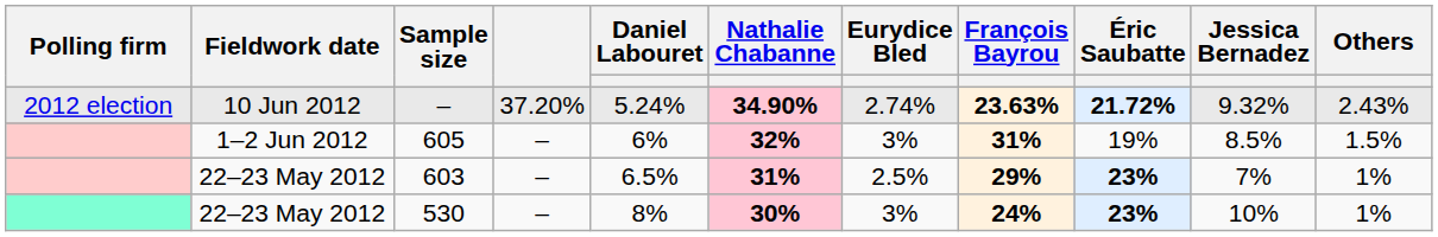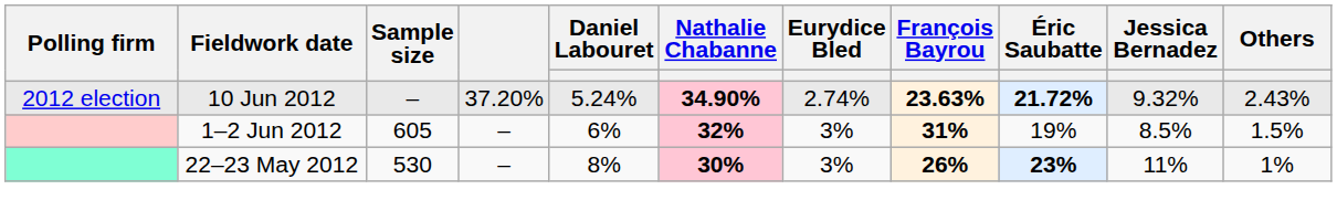 <table class="wikitable sortable" style="text-align:center;font-size:90%;line-height:14px;">
 <tr style="height:40px;">
 <th style="width:100px;" rowspan="2">Polling firm</th>
 <th style="width:110px;" rowspan="2">Fieldwork date</th>
 <th style="width:35px;" rowspan="2">Sample<br>size</th>
 <th style="width:30px;" rowspan="2"></th>
 <th class="unsortable" style="width:60px;">Daniel Labouret<br></th>
 <th class="unsortable" style="width:60px;"><a href='#'>Nathalie Chabanne</a><br></th>
 <th class="unsortable" style="width:60px;">Eurydice Bled<br></th>
 <th class="unsortable" style="width:60px;"><a href='#'>François Bayrou</a><br></th>
 <th class="unsortable" style="width:60px;">Éric Saubatte<br></th>
 <th class="unsortable" style="width:60px;">Jessica Bernadez<br></th>
 <th class="unsortable" style="width:60px;">Others</th>
 </tr>
 <tr>
 <th style="background:"></th>
 <th style="background:"></th>
 <th style="background:"></th>
 <th style="background:"></th>
 <th style="background:"></th>
 <th style="background:"></th>
 <th style="background:"></th>
 </tr>
 <tr style="background:#E9E9E9;">
 <td><a href='#'>2012 election</a></td>
 <td data-sort-value="2012-06-10">10 Jun 2012</td>
 <td>–</td>
 <td>37.20%</td>
 <td>5.24%</td>
 <td style="background:#FFC6D5;"><strong>34.90%</strong></td>
 <td>2.74%</td>
 <td style="background:#FFF2DE;"><strong>23.63%</strong></td>
 <td style="background:#DFEEFF;"><strong>21.72%</strong></td>
 <td>9.32%</td>
 <td>2.43%</td>
 </tr>
 <tr>
 <td style="background:#FFCCCC;"></td>
 <td data-sort-value="2012-06-02">1–2 Jun 2012</td>
 <td>605</td>
 <td>–</td>
 <td>6%</td>
 <td style="background:#FFC6D5;"><strong>32%</strong></td>
 <td>3%</td>
 <td style="background:#FFF2DE;"><strong>31%</strong></td>
 <td>19%</td>
 <td>8.5%</td>
 <td>1.5%</td>
 </tr>
 <tr>
-<td style="background:#FFCCCC;"></td>
-<td data-sort-value="2012-05-23">22–23 May 2012</td>
-<td>603</td>
-<td>–</td>
-<td>6.5%</td>
-<td style="background:#FFC6D5;"><strong>31%</strong></td>
-<td>2.5%</td>
-<td style="background:#FFF2DE;"><strong>29%</strong></td>
-<td style="background:#DFEEFF;"><strong>23%</strong></td>
-<td>7%</td>
-<td>1%</td>
-</tr>
-<tr>
 <td style="background:aquamarine;"></td>
 <td data-sort-value="2012-05-23">22–23 May 2012</td>
 <td>530</td>
 <td>–</td>
 <td>8%</td>
 <td style="background:#FFC6D5;"><strong>30%</strong></td>
 <td>3%</td>
-<td style="background:#FFF2DE;"><strong>24%</strong></td>
+<td style="background:#FFF2DE;"><strong>26%</strong></td>
 <td style="background:#DFEEFF;"><strong>23%</strong></td>
-<td>10%</td>
+<td>11%</td>
 <td>1%</td>
 </tr>
 </table>
